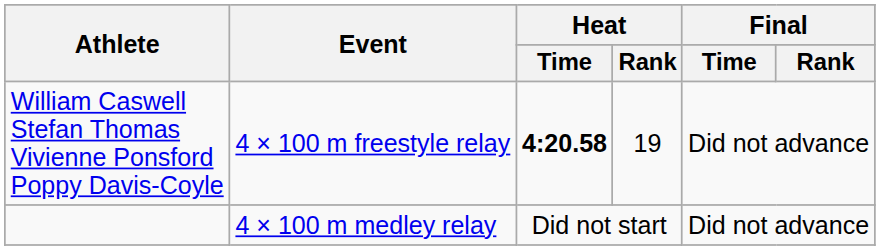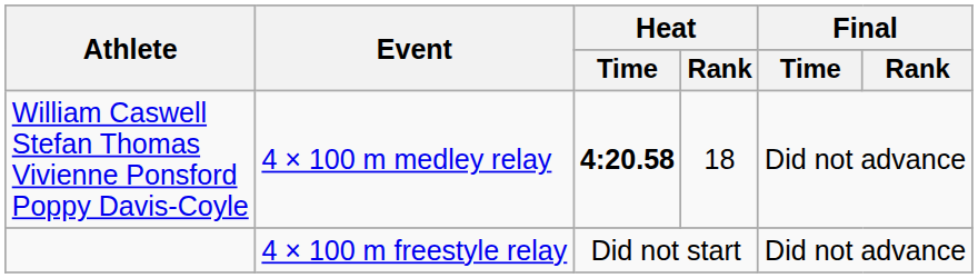 <table class=wikitable style=font-size:90%>
 <tr>
 <th rowspan=2>Athlete</th>
 <th rowspan=2>Event</th>
 <th colspan=2>Heat</th>
 <th colspan=2>Final</th>
 </tr>
 <tr style=font-size:95%>
 <th>Time</th>
 <th>Rank</th>
 <th>Time</th>
 <th>Rank</th>
 </tr>
 <tr align=center>
 <td align=left><a href='#'>William Caswell</a><br><a href='#'>Stefan Thomas</a><br><a href='#'>Vivienne Ponsford</a><br><a href='#'>Poppy Davis-Coyle</a></td>
-<td align=left><a href='#'>4 × 100 m freestyle relay</a></td>
+<td align=left><a href='#'>4 × 100 m medley relay</a></td>
 <td><strong>4:20.58</strong></td>
-<td>19</td>
+<td>18</td>
 <td colspan=2>Did not advance</td>
 </tr>
 <tr align=center>
 <td align=left></td>
-<td align=left><a href='#'>4 × 100 m medley relay</a></td>
+<td align=left><a href='#'>4 × 100 m freestyle relay</a></td>
 <td colspan=2>Did not start</td>
 <td colspan=2>Did not advance</td>
 </tr>
 </table>
